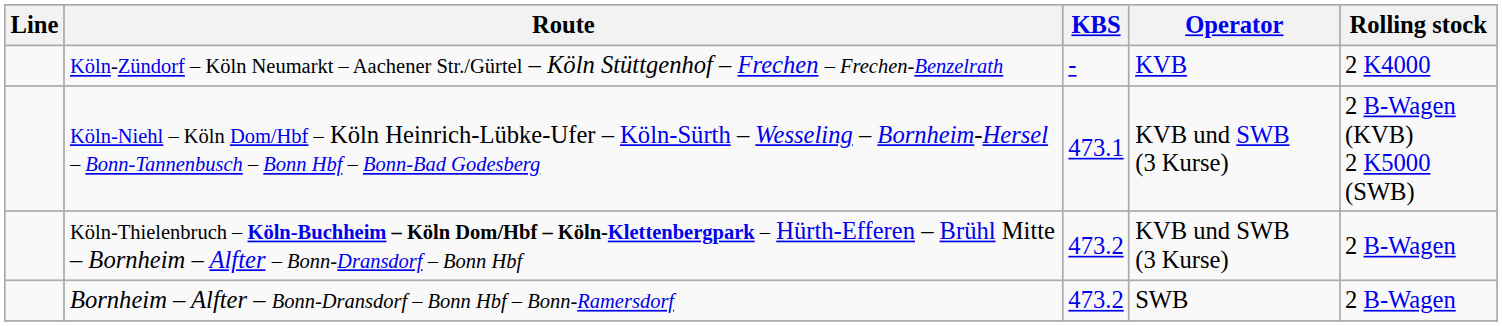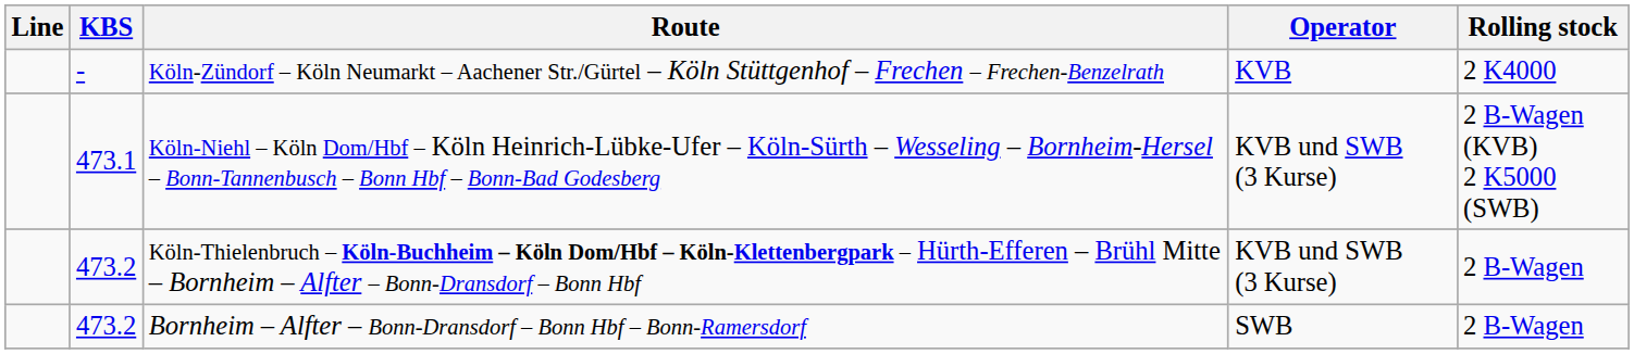 <table class="wikitable" style="font-size:91%; width:100%;">
 <tr class="hintergrundfarbe5">
 <th>Line</th>
+<th><a href='#'>KBS</a></th>
 <th>Route</th>
-<th><a href='#'>KBS</a></th>
 <th><a href='#'>Operator</a></th>
 <th>Rolling stock</th>
 </tr>
 <tr>
 <td style="font-size:111%;"></td>
+<td><a href='#'>-</a></td>
 <td><small><a href='#'>Köln</a>-<a href='#'>Zündorf</a> – Köln Neumarkt – Aachener Str./Gürtel</small> – <em>Köln Stüttgenhof – <a href='#'>Frechen</a> <small> – Frechen-<a href='#'>Benzelrath</a></small></em></td>
-<td><a href='#'>-</a></td>
 <td><a href='#'>KVB</a></td>
 <td>2 <a href='#'>K4000</a></td>
 </tr>
 <tr>
 <td style="font-size:111%;"></td>
+<td><a href='#'>473.1</a></td>
 <td><small><a href='#'>Köln-Niehl</a> – Köln <a href='#'>Dom/Hbf</a> –</small> Köln Heinrich-Lübke-Ufer – <a href='#'>Köln-Sürth</a> <em>– <a href='#'>Wesseling</a> – <a href='#'>Bornheim</a>-<a href='#'>Hersel</a> <small> – <a href='#'>Bonn-Tannenbusch</a> – <a href='#'>Bonn Hbf</a> – <a href='#'>Bonn-Bad Godesberg</a></small></em></td>
-<td><a href='#'>473.1</a></td>
 <td>KVB und <a href='#'>SWB</a> (3 Kurse)</td>
 <td>2 <a href='#'>B-Wagen</a> (KVB)<br> 2 <a href='#'>K5000</a> (SWB)</td>
 </tr>
 <tr>
 <td style="font-size:111%;"></td>
+<td><a href='#'>473.2</a></td>
 <td><small>Köln-Thielenbruch – <strong><a href='#'>Köln-Buchheim</a> – Köln Dom/Hbf – Köln-<a href='#'>Klettenbergpark</a></strong> –</small> <a href='#'>Hürth-Efferen</a> – <a href='#'>Brühl</a> Mitte <em>– Bornheim – <a href='#'>Alfter</a> <small> – Bonn-<a href='#'>Dransdorf</a> – Bonn Hbf</small></em></td>
-<td><a href='#'>473.2</a></td>
 <td>KVB und SWB (3 Kurse)</td>
 <td>2 <a href='#'>B-Wagen</a></td>
 </tr>
 <tr>
 <td style="font-size:111%;"></td>
+<td><a href='#'>473.2</a></td>
 <td><em>Bornheim – Alfter – <small>Bonn-Dransdorf – Bonn Hbf – Bonn-<a href='#'>Ramersdorf</a></small></em></td>
-<td><a href='#'>473.2</a></td>
 <td>SWB</td>
 <td>2 <a href='#'>B-Wagen</a></td>
 </tr>
 </table>
